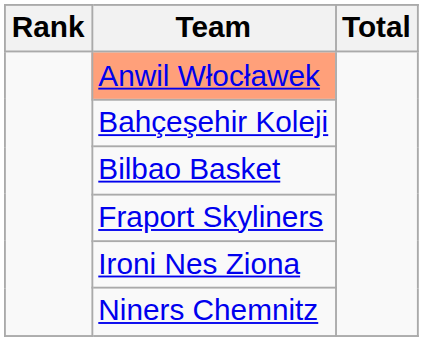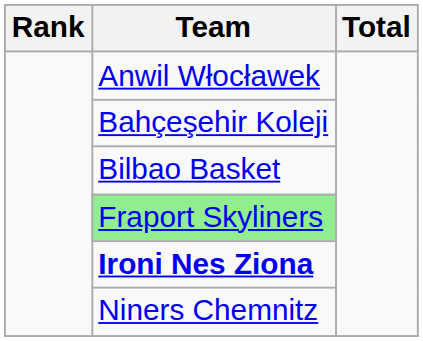 <table class="wikitable sortable">
 <tr>
 <th scope="col">Rank</th>
 <th scope="col">Team</th>
 <th scope="col">Total</th>
 </tr>
 <tr>
 <td rowspan="6"></td>
-<td style="background: lightsalmon;"> <a href='#'>Anwil Włocławek</a></td>
+<td> <a href='#'>Anwil Włocławek</a></td>
 <td rowspan="6"></td>
 </tr>
 <tr>
 <td> <a href='#'>Bahçeşehir Koleji</a></td>
 </tr>
 <tr>
 <td> <a href='#'>Bilbao Basket</a></td>
 </tr>
 <tr>
-<td> <a href='#'>Fraport Skyliners</a></td>
+<td style="background: lightgreen;"> <a href='#'>Fraport Skyliners</a></td>
 </tr>
 <tr>
-<td> <a href='#'>Ironi Nes Ziona</a></td>
+<td><strong> <a href='#'>Ironi Nes Ziona</a></strong></td>
 </tr>
 <tr>
 <td> <a href='#'>Niners Chemnitz</a></td>
 </tr>
 </table>
